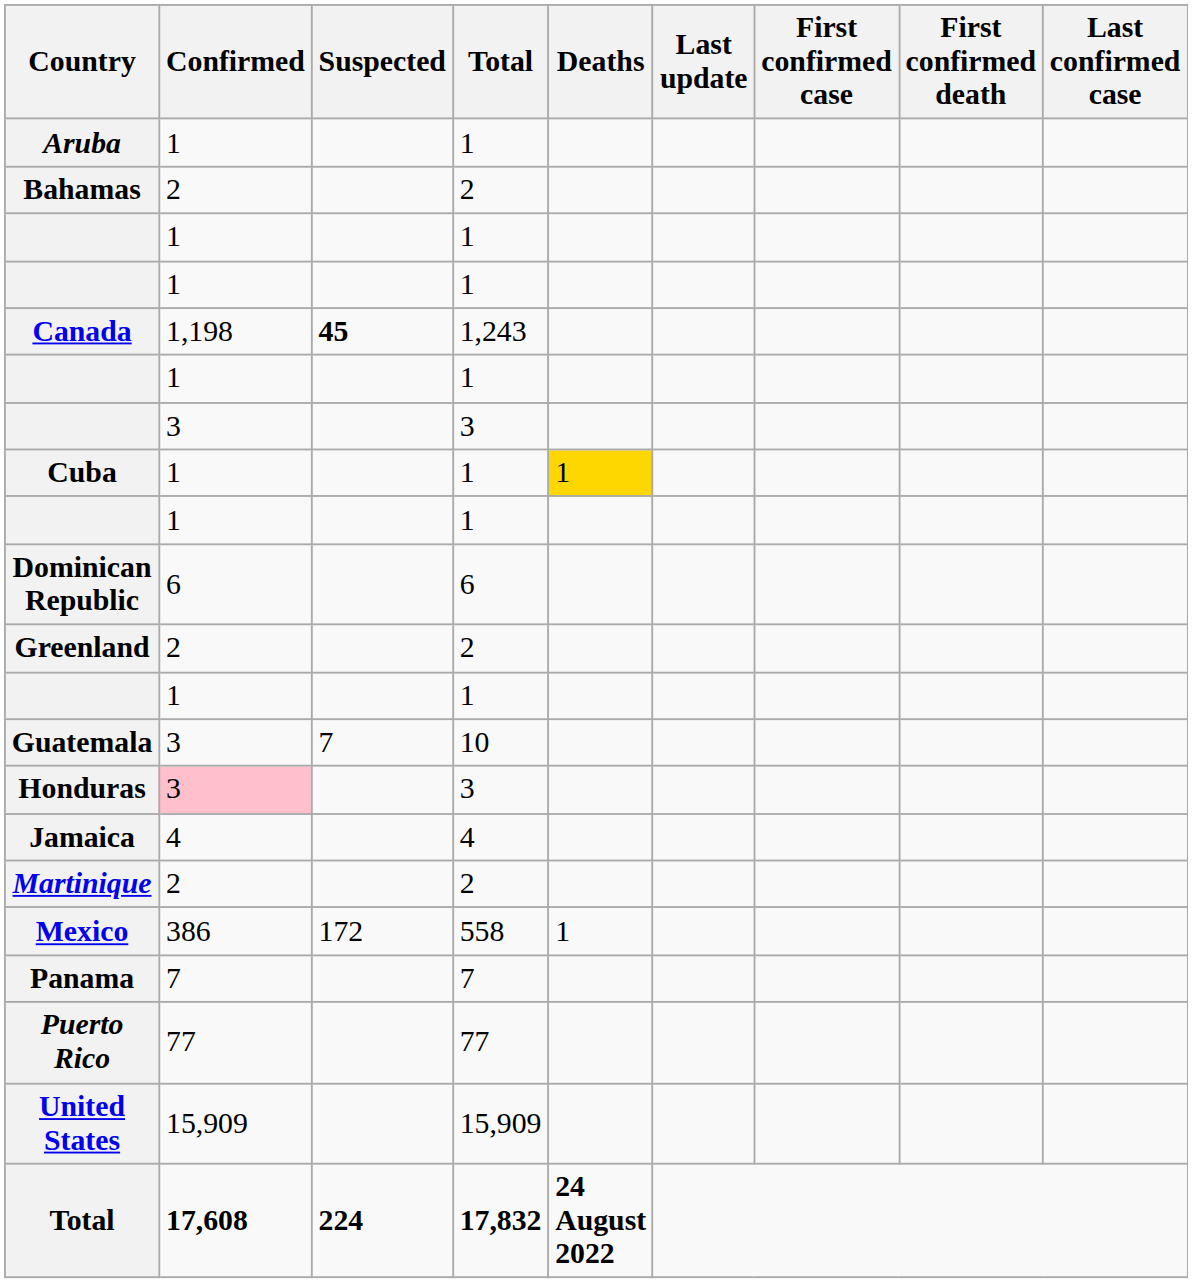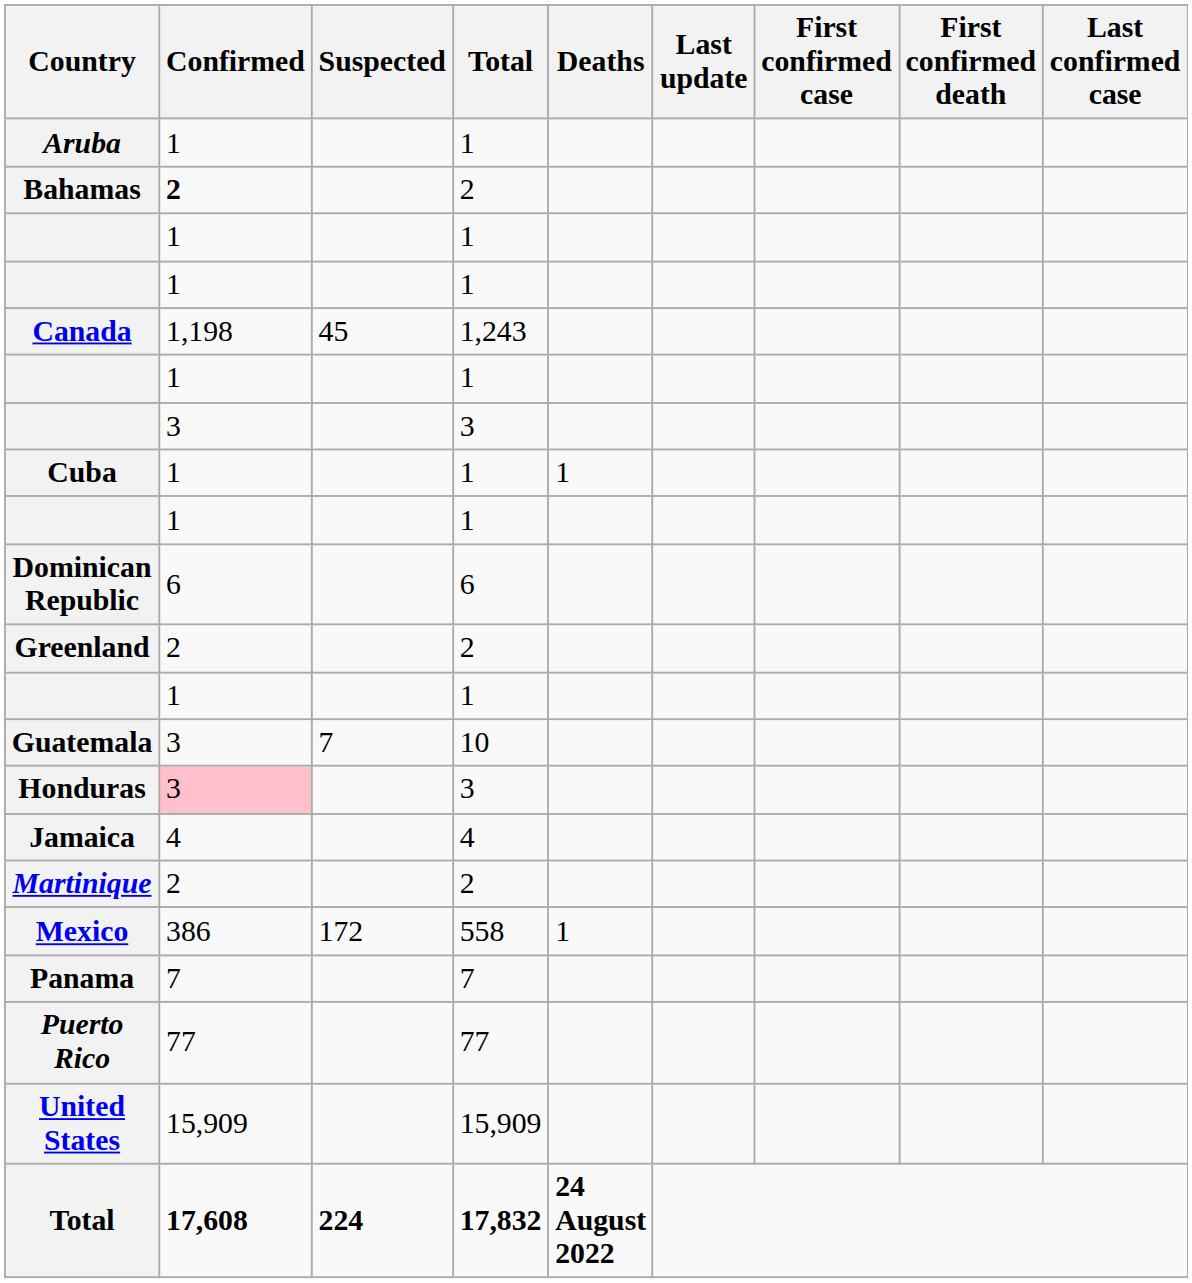 <table class="wikitable sortable plainrowheaders">
 <tr>
 <th scope="col">Country</th>
 <th scope="col" data-sort-type=number>Confirmed</th>
 <th scope="col" data-sort-type=number>Suspected</th>
 <th scope="col" data-sort-type=number>Total</th>
 <th scope="col" data-sort-type=number>Deaths</th>
 <th scope="col">Last update</th>
 <th scope="col">First confirmed case</th>
 <th scope="col">First confirmed death</th>
 <th scope="col">Last confirmed case</th>
 </tr>
 <tr>
 <th scope="row"><em>Aruba</em></th>
 <td>1</td>
 <td></td>
 <td>1</td>
 <td></td>
 <td></td>
 <td></td>
 <td></td>
 <td></td>
 </tr>
 <tr>
 <th scope="row">Bahamas</th>
-<td>2</td>
+<td><strong>2</strong></td>
 <td></td>
 <td>2</td>
 <td></td>
 <td></td>
 <td></td>
 <td></td>
 <td></td>
 </tr>
 <tr>
 <th scope="row"></th>
 <td>1</td>
 <td></td>
 <td>1</td>
 <td></td>
 <td></td>
 <td></td>
 <td></td>
 <td></td>
 </tr>
 <tr>
 <th scope="row"><em></em></th>
 <td>1</td>
 <td></td>
 <td>1</td>
 <td></td>
 <td></td>
 <td></td>
 <td></td>
 <td></td>
 </tr>
 <tr>
 <th scope="row"> <a href='#'>Canada</a></th>
 <td>1,198</td>
-<td><strong>45</strong></td>
+<td>45</td>
 <td>1,243</td>
 <td></td>
 <td></td>
 <td></td>
 <td></td>
 <td></td>
 </tr>
 <tr>
 <th scope="row"><em></em></th>
 <td>1</td>
 <td></td>
 <td>1</td>
 <td></td>
 <td></td>
 <td></td>
 <td></td>
 <td></td>
 </tr>
 <tr>
 <th scope="row"></th>
 <td>3</td>
 <td></td>
 <td>3</td>
 <td></td>
 <td></td>
 <td></td>
 <td></td>
 <td></td>
 </tr>
 <tr>
 <th scope="row">Cuba</th>
 <td>1</td>
 <td></td>
 <td>1</td>
-<td style="background: gold;">1</td>
+<td>1</td>
 <td></td>
 <td></td>
 <td></td>
 <td></td>
 </tr>
 <tr>
 <th scope="row"><em></em></th>
 <td>1</td>
 <td></td>
 <td>1</td>
 <td></td>
 <td></td>
 <td></td>
 <td></td>
 <td></td>
 </tr>
 <tr>
 <th scope="row">Dominican Republic</th>
 <td>6</td>
 <td></td>
 <td>6</td>
 <td></td>
 <td></td>
 <td></td>
 <td></td>
 <td></td>
 </tr>
 <tr>
 <th scope="row">Greenland</th>
 <td>2</td>
 <td></td>
 <td>2</td>
 <td></td>
 <td></td>
 <td></td>
 <td></td>
 <td></td>
 </tr>
 <tr>
 <th scope="row"><em></em></th>
 <td>1</td>
 <td></td>
 <td>1</td>
 <td></td>
 <td></td>
 <td></td>
 <td></td>
 <td></td>
 </tr>
 <tr>
 <th scope="row">Guatemala</th>
 <td>3</td>
 <td>7</td>
 <td>10</td>
 <td></td>
 <td></td>
 <td></td>
 <td></td>
 <td></td>
 </tr>
 <tr>
 <th scope="row">Honduras</th>
 <td style="background: pink;">3</td>
 <td></td>
 <td>3</td>
 <td></td>
 <td></td>
 <td></td>
 <td></td>
 <td></td>
 </tr>
 <tr>
 <th scope="row">Jamaica</th>
 <td>4</td>
 <td></td>
 <td>4</td>
 <td></td>
 <td></td>
 <td></td>
 <td></td>
 <td></td>
 </tr>
 <tr>
 <th scope="row"><em><a href='#'>Martinique</a></em></th>
 <td>2</td>
 <td></td>
 <td>2</td>
 <td></td>
 <td></td>
 <td></td>
 <td></td>
 <td></td>
 </tr>
 <tr>
 <th scope="row"> <a href='#'>Mexico</a></th>
 <td>386</td>
 <td>172</td>
 <td>558</td>
 <td>1</td>
 <td></td>
 <td></td>
 <td></td>
 <td></td>
 </tr>
 <tr>
 <th scope="row">Panama</th>
 <td>7</td>
 <td></td>
 <td>7</td>
 <td></td>
 <td></td>
 <td></td>
 <td></td>
 <td></td>
 </tr>
 <tr>
 <th scope="row"><em>Puerto Rico</em></th>
 <td>77</td>
 <td></td>
 <td>77</td>
 <td></td>
 <td></td>
 <td></td>
 <td></td>
 <td></td>
 </tr>
 <tr>
 <th scope="row"> <a href='#'>United States</a></th>
 <td>15,909</td>
 <td></td>
 <td>15,909</td>
 <td></td>
 <td></td>
 <td></td>
 <td></td>
 <td></td>
 </tr>
 <tr class="sortbottom">
 <th scope="row"><strong>Total</strong></th>
 <td><strong>17,608</strong></td>
 <td><strong>224</strong></td>
 <td><strong>17,832</strong></td>
 <td><strong>24 August 2022</strong></td>
 <td colspan="4"></td>
 </tr>
 </table>
